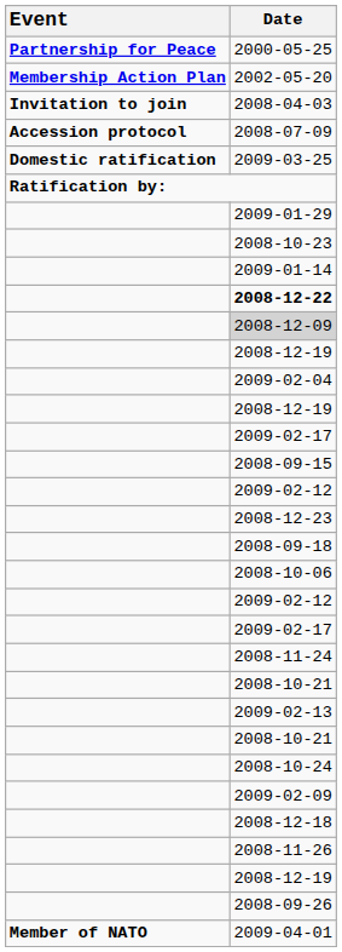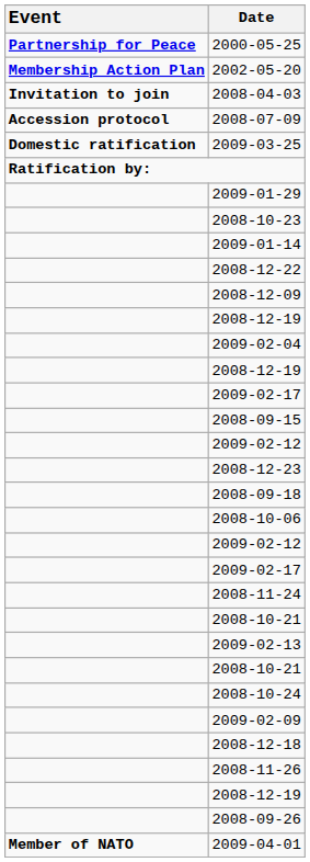 <table class="wikitable sortable" style="text-align:center; font-size:90%;">
 <tr>
 <th style="text-align:left;"><big>Event</big></th>
 <th>Date</th>
 </tr>
 <tr>
 <td style="text-align:left;"><strong><a href='#'>Partnership for Peace</a></strong></td>
 <td>2000-05-25</td>
 </tr>
 <tr>
 <td style="text-align:left;"><strong><a href='#'>Membership Action Plan</a></strong></td>
 <td>2002-05-20</td>
 </tr>
 <tr>
 <td style="text-align:left;"><strong>Invitation to join</strong></td>
 <td>2008-04-03</td>
 </tr>
 <tr>
 <td style="text-align:left;"><strong>Accession protocol</strong></td>
 <td>2008-07-09</td>
 </tr>
 <tr>
 <td style="text-align:left;"><strong>Domestic ratification</strong></td>
 <td>2009-03-25</td>
 </tr>
 <tr>
 <td colspan="8" style="text-align:left;"><strong>Ratification by:</strong></td>
 </tr>
 <tr>
 <td style="text-align:left;"></td>
 <td>2009-01-29</td>
 </tr>
 <tr>
 <td style="text-align:left;"></td>
 <td>2008-10-23</td>
 </tr>
 <tr>
 <td style="text-align:left;"></td>
 <td>2009-01-14</td>
 </tr>
 <tr>
 <td style="text-align:left;"></td>
-<td><strong>2008-12-22</strong></td>
+<td>2008-12-22</td>
 </tr>
 <tr>
 <td style="text-align:left;"></td>
-<td style="background: lightgrey;">2008-12-09</td>
+<td>2008-12-09</td>
 </tr>
 <tr>
 <td style="text-align:left;"></td>
 <td>2008-12-19</td>
 </tr>
 <tr>
 <td style="text-align:left;"></td>
 <td>2009-02-04</td>
 </tr>
 <tr>
 <td style="text-align:left;"></td>
 <td>2008-12-19</td>
 </tr>
 <tr>
 <td style="text-align:left;"></td>
 <td>2009-02-17</td>
 </tr>
 <tr>
 <td style="text-align:left;"></td>
 <td>2008-09-15</td>
 </tr>
 <tr>
 <td style="text-align:left;"></td>
 <td>2009-02-12</td>
 </tr>
 <tr>
 <td style="text-align:left;"></td>
 <td>2008-12-23</td>
 </tr>
 <tr>
 <td style="text-align:left;"></td>
 <td>2008-09-18</td>
 </tr>
 <tr>
 <td style="text-align:left;"></td>
 <td>2008-10-06</td>
 </tr>
 <tr>
 <td style="text-align:left;"></td>
 <td>2009-02-12</td>
 </tr>
 <tr>
 <td style="text-align:left;"></td>
 <td>2009-02-17</td>
 </tr>
 <tr>
 <td style="text-align:left;"></td>
 <td>2008-11-24</td>
 </tr>
 <tr>
 <td style="text-align:left;"></td>
 <td>2008-10-21</td>
 </tr>
 <tr>
 <td style="text-align:left;"></td>
 <td>2009-02-13</td>
 </tr>
 <tr>
 <td style="text-align:left;"></td>
 <td>2008-10-21</td>
 </tr>
 <tr>
 <td style="text-align:left;"></td>
 <td>2008-10-24</td>
 </tr>
 <tr>
 <td style="text-align:left;"></td>
 <td>2009-02-09</td>
 </tr>
 <tr>
 <td style="text-align:left;"></td>
 <td>2008-12-18</td>
 </tr>
 <tr>
 <td style="text-align:left;"></td>
 <td>2008-11-26</td>
 </tr>
 <tr>
 <td style="text-align:left;"></td>
 <td>2008-12-19</td>
 </tr>
 <tr>
 <td style="text-align:left;"></td>
 <td>2008-09-26</td>
 </tr>
 <tr>
 <td style="text-align:left;"><strong>Member of NATO</strong></td>
 <td>2009-04-01</td>
 </tr>
 <tr>
 </tr>
 </table>
